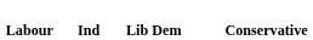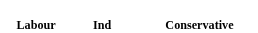 <table style="width:60%; text-align:center;">
 <tr style="color:white;">
 <td style="background:"><strong>11</strong></td>
 <td style="background:"><strong>9</strong></td>
-<td style="background:"><strong>2</strong></td>
 <td style="background:"><strong>29</strong></td>
 </tr>
 <tr>
 <td><span><strong>Labour</strong></span></td>
 <td><span><strong>Ind</strong></span></td>
-<td><span><strong>Lib Dem</strong></span></td>
 <td><span><strong>Conservative</strong></span></td>
 </tr>
 </table>
